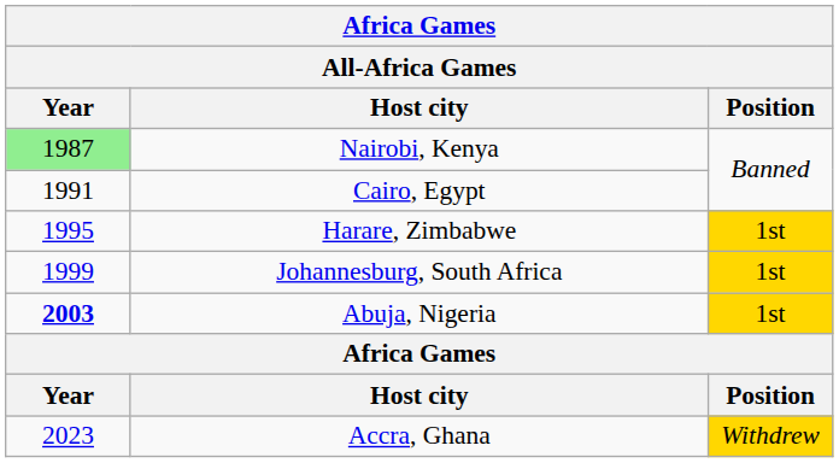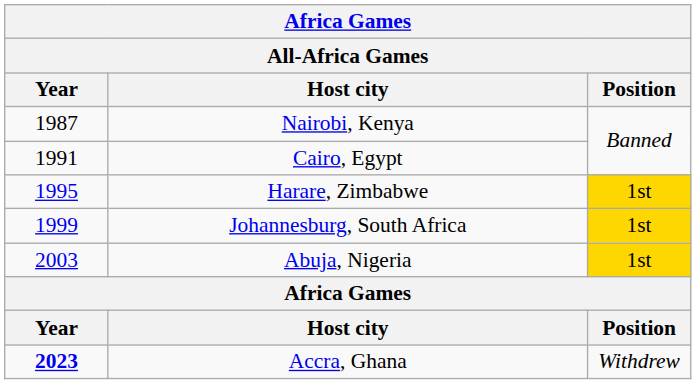 <table class="wikitable" style="text-align: center;">
 <tr>
 <th colspan=3 style="background-color: ;"><a href='#'>Africa Games</a></th>
 </tr>
 <tr>
 <th colspan=3 style="background-color: ;">All-Africa Games</th>
 </tr>
 <tr>
 <th style="width: 70px;">Year</th>
 <th style="width: 350px;">Host city</th>
 <th style="width: 70px;">Position</th>
 </tr>
 <tr>
-<td style="background: lightgreen;">1987</td>
+<td>1987</td>
 <td> <a href='#'>Nairobi</a>, Kenya</td>
 <td rowspan="2"><em>Banned</em></td>
 </tr>
 <tr>
 <td>1991</td>
 <td> <a href='#'>Cairo</a>, Egypt</td>
 </tr>
 <tr>
 <td><a href='#'>1995</a></td>
 <td> <a href='#'>Harare</a>, Zimbabwe</td>
 <td style="background-color: gold">1st</td>
 </tr>
 <tr>
 <td><a href='#'>1999</a></td>
 <td> <a href='#'>Johannesburg</a>, South Africa</td>
 <td style="background-color: gold">1st</td>
 </tr>
 <tr>
-<td><strong><a href='#'>2003</a></strong></td>
+<td><a href='#'>2003</a></td>
 <td> <a href='#'>Abuja</a>, Nigeria</td>
 <td style="background-color: gold">1st</td>
 </tr>
 <tr>
 <th colspan=3 style="background-color: ;">Africa Games</th>
 </tr>
 <tr>
 <th style="width: 70px;">Year</th>
 <th style="width: 350px;">Host city</th>
 <th style="width: 70px;">Position</th>
 </tr>
 <tr>
-<td><a href='#'>2023</a></td>
+<td><strong><a href='#'>2023</a></strong></td>
 <td> <a href='#'>Accra</a>, Ghana</td>
-<td style="background: gold;"><em>Withdrew</em></td>
+<td><em>Withdrew</em></td>
 </tr>
 </table>
